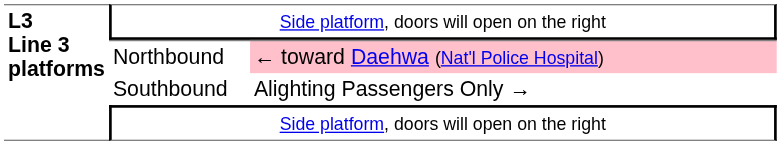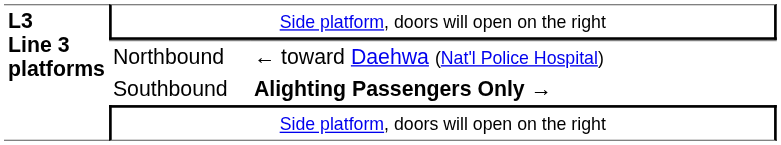 <table table border=0 cellspacing=0 cellpadding=3>
 <tr>
 <td style="border-top:solid 1px gray;border-bottom:solid 1px gray;" width=50 rowspan=10 valign=top><strong>L3<br>Line 3 platforms</strong></td>
 <td style="border-top:solid 1px gray;border-right:solid 2px black;border-left:solid 2px black;border-bottom:solid 2px black;text-align:center;" colspan=2><small><a href='#'>Side platform</a>, doors will open on the right</small></td>
 </tr>
 <tr>
 <td style="border-bottom:solid 0px gray;border-top:solid 1px gray;" width=100>Northbound</td>
-<td style="background: pink; border-bottom:solid 0px gray;border-top:solid 1px gray;" width=390>←  toward <a href='#'>Daehwa</a> <small>(<a href='#'>Nat'l Police Hospital</a>)</small></td>
+<td style="border-bottom:solid 0px gray;border-top:solid 1px gray;" width=390>←  toward <a href='#'>Daehwa</a> <small>(<a href='#'>Nat'l Police Hospital</a>)</small></td>
 </tr>
 <tr>
 <td>Southbound</td>
-<td>  Alighting Passengers Only →</td>
+<td><strong>  Alighting Passengers Only →</strong></td>
 </tr>
 <tr>
 <td style="border-top:solid 2px black;border-right:solid 2px black;border-left:solid 2px black;border-bottom:solid 1px gray;text-align:center;" colspan=2><small><a href='#'>Side platform</a>, doors will open on the right</small></td>
 </tr>
 </table>
